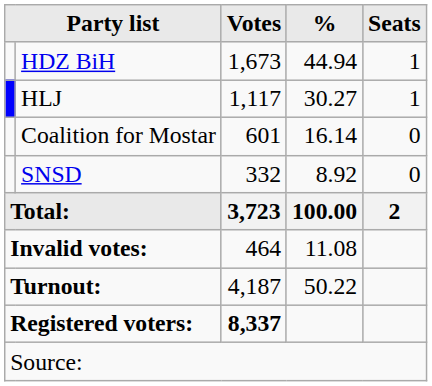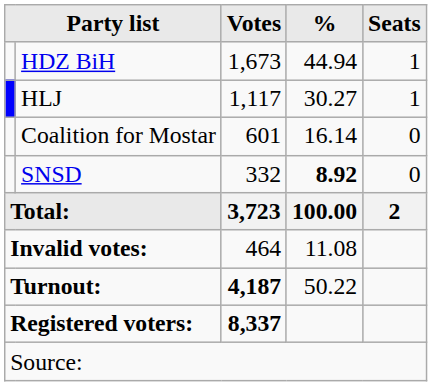 <table class="wikitable" border="1">
 <tr>
 <th colspan="2" align="center" style="background-color:#E9E9E9">Party list</th>
 <th align="center" style="background-color:#E9E9E9">Votes</th>
 <th align="center" style="background-color:#E9E9E9">%</th>
 <th align="center" style="background-color:#E9E9E9">Seats</th>
 </tr>
 <tr>
 <td></td>
 <td align="left"><a href='#'>HDZ BiH</a></td>
 <td align="right">1,673</td>
 <td align="right">44.94</td>
 <td align="right">1</td>
 </tr>
 <tr>
 <td bgcolor="blue"></td>
 <td align="left">HLJ</td>
 <td align="right">1,117</td>
 <td align="right">30.27</td>
 <td align="right">1</td>
 </tr>
 <tr>
 <td></td>
 <td align="left">Coalition for Mostar</td>
 <td align="right">601</td>
 <td align="right">16.14</td>
 <td align="right">0</td>
 </tr>
 <tr>
 <td></td>
 <td align="left"><a href='#'>SNSD</a></td>
 <td align="right">332</td>
-<td align="right">8.92</td>
+<td align="right"><strong>8.92</strong></td>
 <td align="right">0</td>
 </tr>
 <tr style="background-color:#E9E9E9">
 <td colspan="2" align="left"><strong>Total:</strong></td>
 <th align="right">3,723</th>
 <th align="right">100.00</th>
 <th align="right">2</th>
 </tr>
 <tr>
 <td colspan="2" align="left"><strong>Invalid votes:</strong></td>
 <td align="right">464</td>
 <td align="right">11.08</td>
 <td align="right"></td>
 </tr>
 <tr>
 <td colspan="2" align="left"><strong>Turnout:</strong></td>
-<td align="right">4,187</td>
+<td align="right"><strong>4,187</strong></td>
 <td align="right">50.22</td>
 <td align="right"></td>
 </tr>
 <tr>
 <td colspan="2" align="left"><strong>Registered voters:</strong></td>
 <td align="right"><strong>8,337</strong></td>
 <td align="right"></td>
 <td align="right"></td>
 </tr>
 <tr>
 <td colspan="5" align="left">Source: </td>
 </tr>
 </table>
